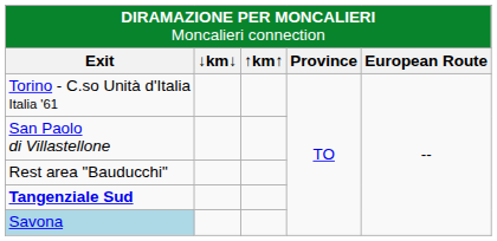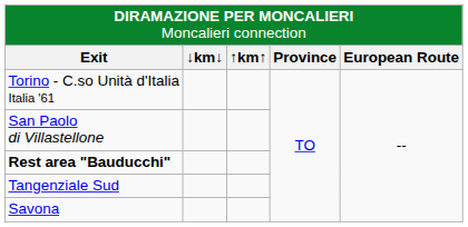 <table class="wikitable" border="1">
 <tr>
 </tr>
 <tr align="center" bgcolor="08842C" style="color: white;font-size:100%;">
 <td colspan="6"><strong> DIRAMAZIONE PER MONCALIERI</strong><br>Moncalieri connection</td>
 </tr>
 <tr>
 <th style="text-align:center;"><strong>Exit</strong></th>
 <th style="text-align:center;"><strong>↓km↓</strong></th>
 <th style="text-align:center;"><strong>↑km↑</strong></th>
 <th align="center"><strong>Province</strong></th>
 <th align="center"><strong>European Route</strong></th>
 </tr>
 <tr>
 <td> <a href='#'>Torino</a> - C.so Unità d'Italia<br><small>Italia '61</small></td>
 <td align="right"></td>
 <td align="right"></td>
 <td rowspan=5 align="center"><a href='#'>TO</a></td>
 <td rowspan=5 align="center">--</td>
 </tr>
 <tr>
 <td> <a href='#'>San Paolo</a><br> <em>di Villastellone</em></td>
 <td align="right"></td>
 <td align="right"></td>
 </tr>
 <tr>
-<td> Rest area "Bauducchi"</td>
+<td><strong> Rest area "Bauducchi"</strong></td>
 <td align="right"></td>
 <td align="right"></td>
 </tr>
 <tr>
-<td><strong>  <a href='#'>Tangenziale Sud</a></strong></td>
+<td>  <a href='#'>Tangenziale Sud</a></td>
 <td align="right"></td>
 <td align="right"></td>
 </tr>
 <tr>
-<td style="background: lightblue;">   <a href='#'>Savona</a></td>
+<td>   <a href='#'>Savona</a></td>
 <td align="right"></td>
 <td align="right"></td>
 </tr>
 </table>
